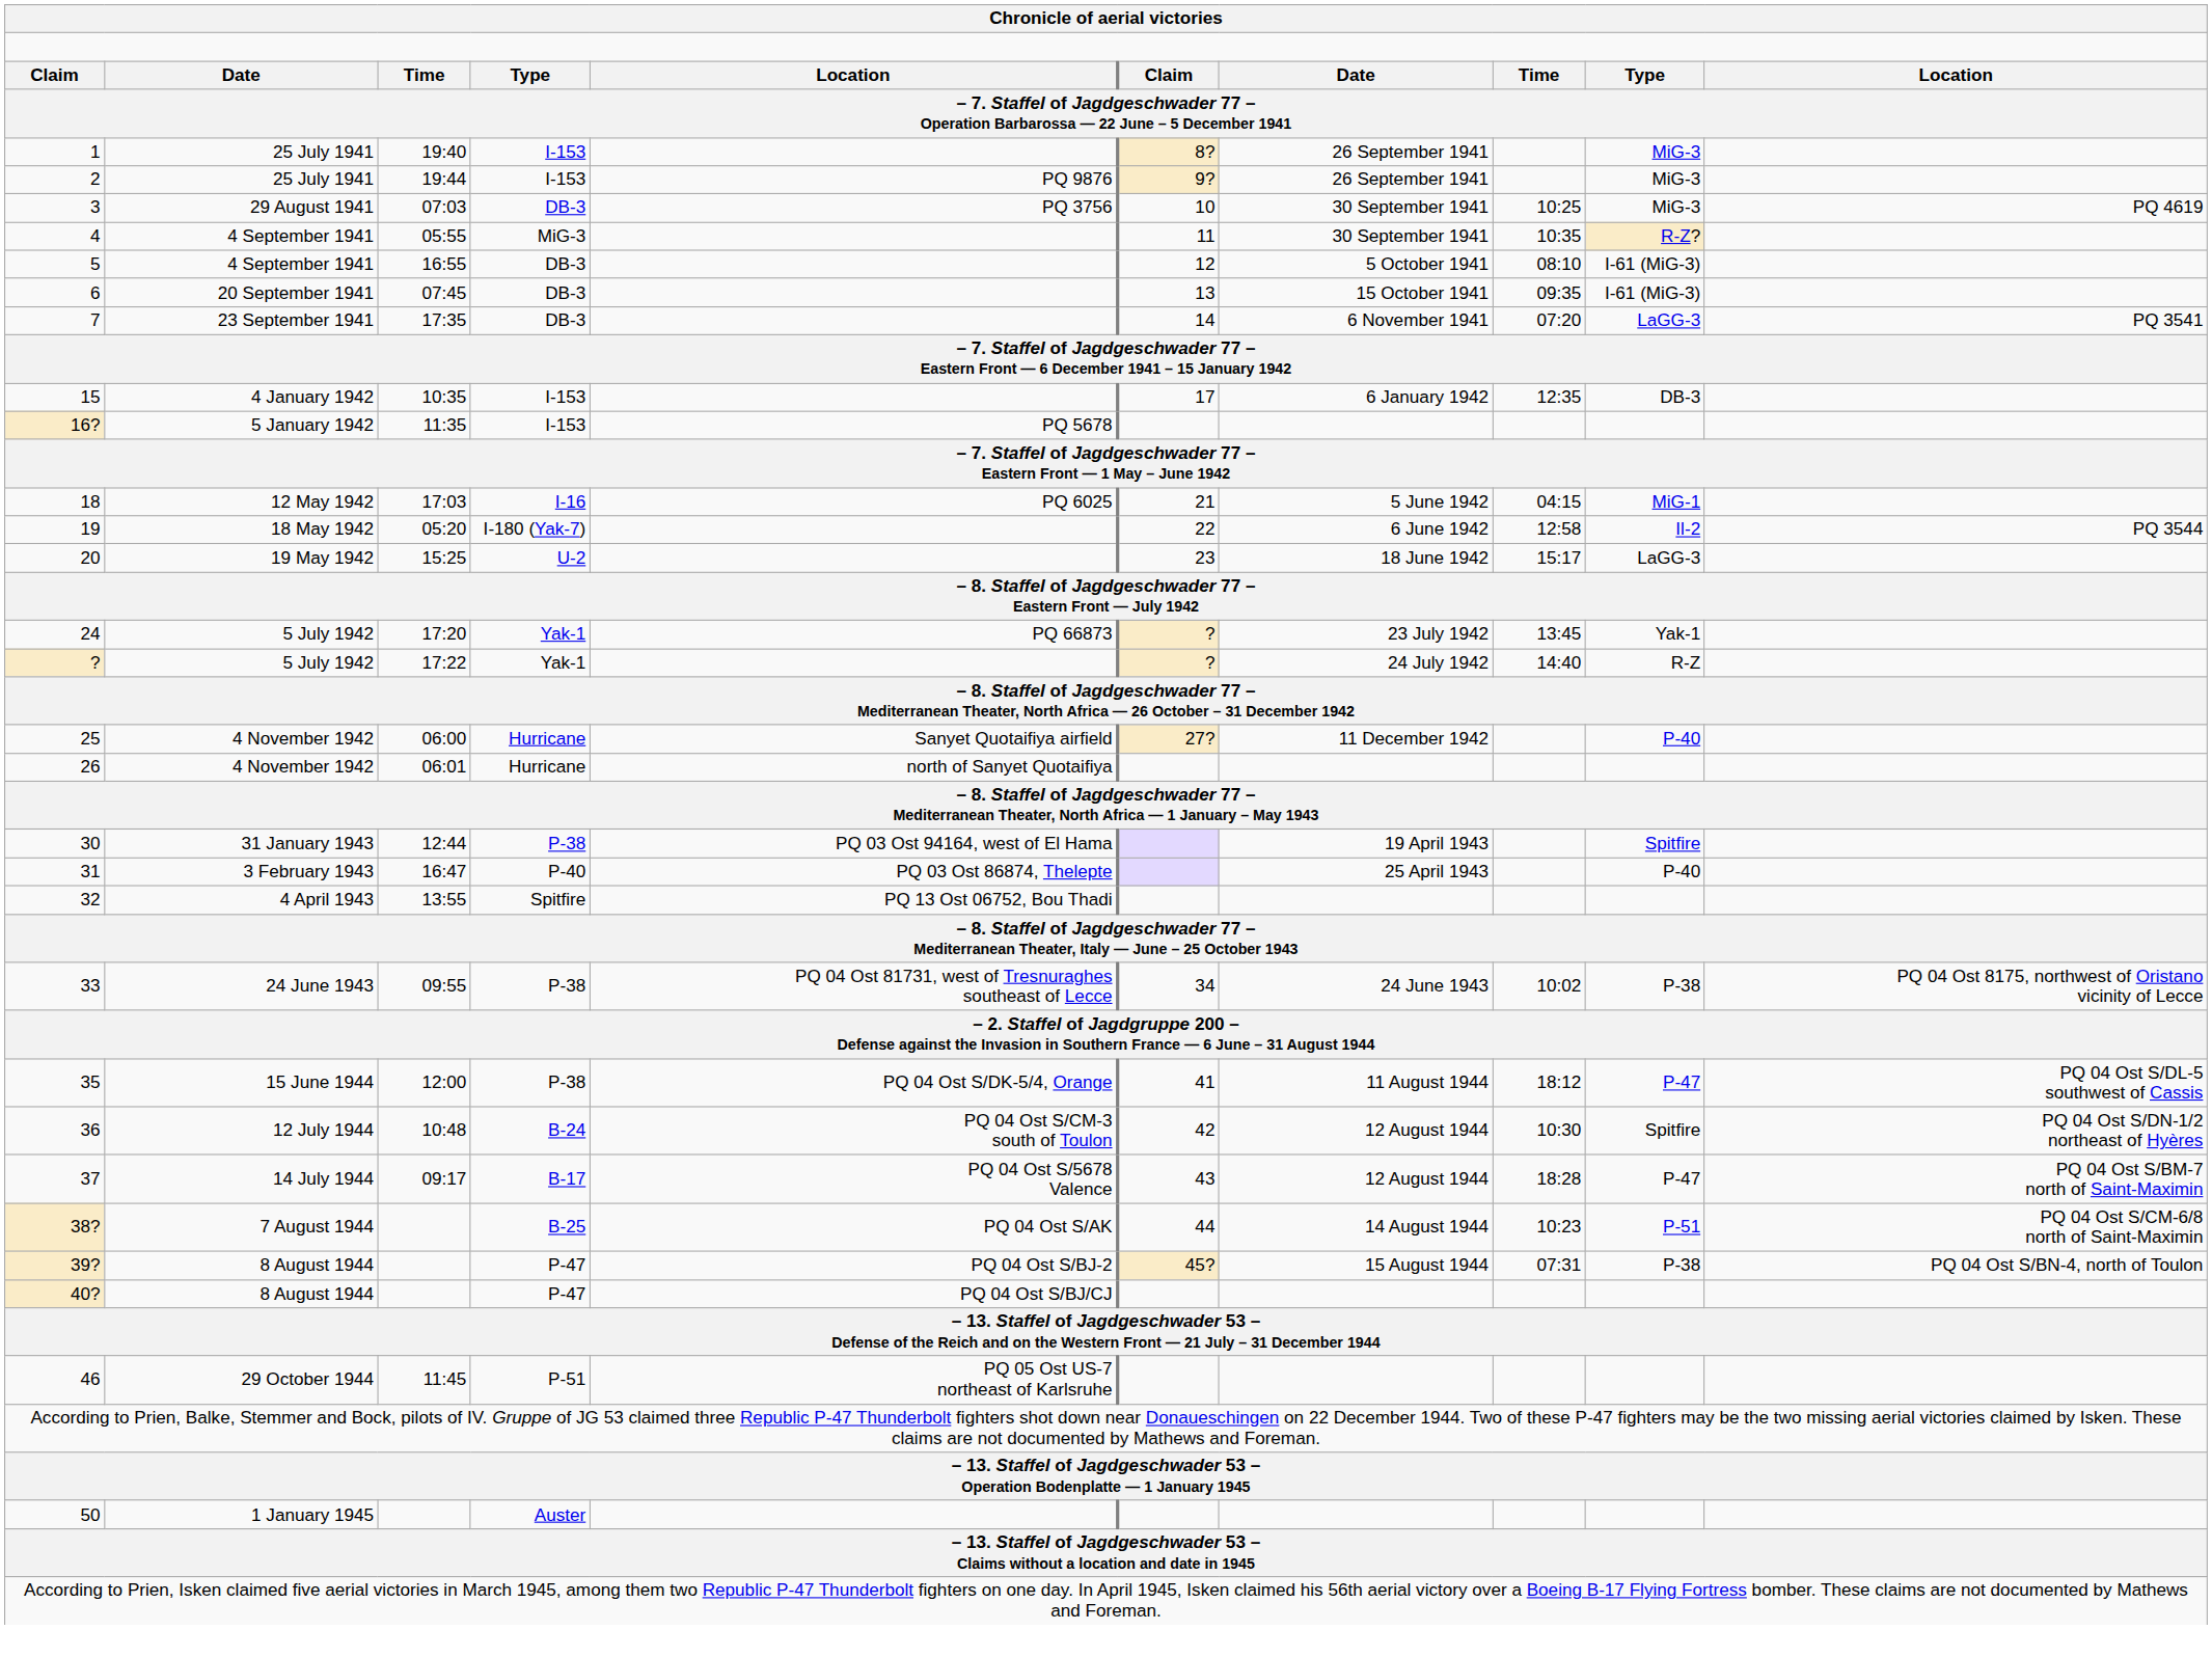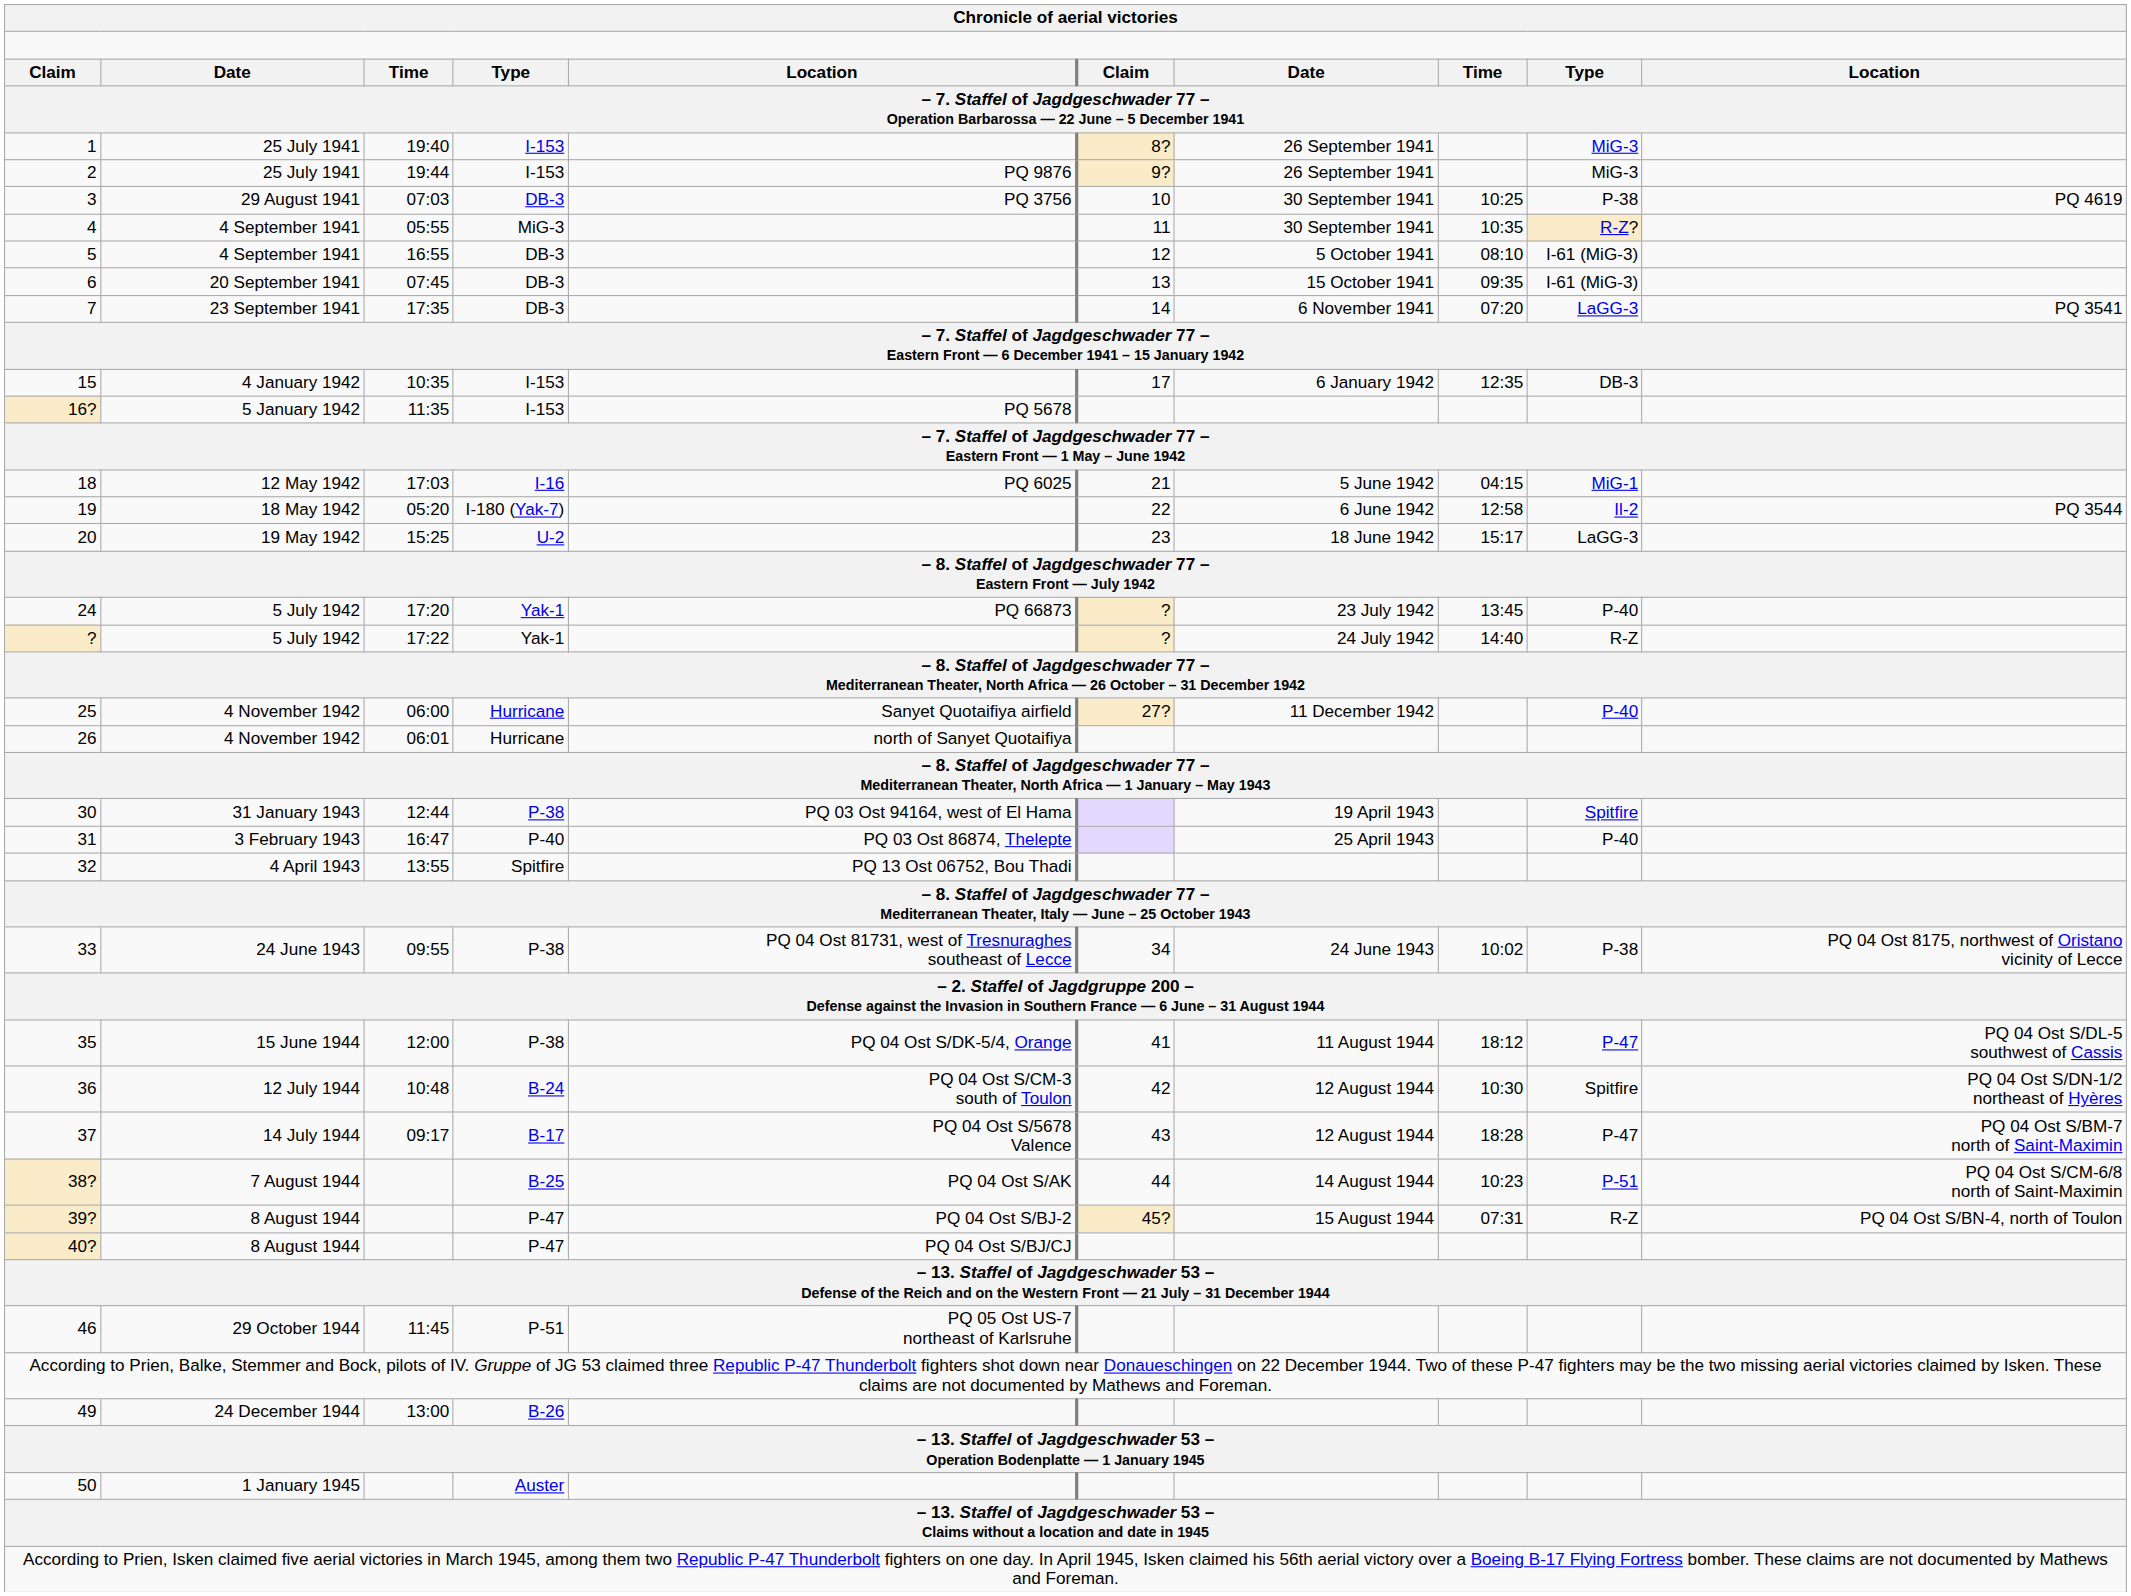 <table class="wikitable plainrowheaders collapsible" style="margin-left: auto; margin-right: auto; border: none; text-align:right; width: 100%;">
 <tr>
 <th colspan="10">Chronicle of aerial victories</th>
 </tr>
 <tr>
 <td colspan="10" style="text-align: left;"><br> </td>
 </tr>
 <tr>
 <th scope="col">Claim</th>
 <th scope="col">Date</th>
 <th scope="col">Time</th>
 <th scope="col" width="100px">Type</th>
 <th scope="col">Location</th>
 <th scope="col" style="border-left: 3px solid grey;">Claim</th>
 <th scope="col">Date</th>
 <th scope="col">Time</th>
 <th scope="col" width="100px">Type</th>
 <th scope="col">Location</th>
 </tr>
 <tr>
 <th colspan="10">– 7. <em>Staffel</em> of <em>Jagdgeschwader</em> 77 –<br><small>Operation Barbarossa — 22 June – 5 December 1941</small></th>
 </tr>
 <tr>
 <td>1</td>
 <td>25 July 1941</td>
 <td>19:40</td>
 <td><a href='#'>I-153</a></td>
 <td></td>
 <td style="border-left: 3px solid grey; background:#faecc8">8?</td>
 <td>26 September 1941</td>
 <td></td>
 <td><a href='#'>MiG-3</a></td>
 <td></td>
 </tr>
 <tr>
 <td>2</td>
 <td>25 July 1941</td>
 <td>19:44</td>
 <td>I-153</td>
 <td>PQ 9876</td>
 <td style="border-left: 3px solid grey; background:#faecc8">9?</td>
 <td>26 September 1941</td>
 <td></td>
 <td>MiG-3</td>
 <td></td>
 </tr>
 <tr>
 <td>3</td>
 <td>29 August 1941</td>
 <td>07:03</td>
 <td><a href='#'>DB-3</a></td>
 <td>PQ 3756</td>
 <td style="border-left: 3px solid grey;">10</td>
 <td>30 September 1941</td>
 <td>10:25</td>
-<td>MiG-3</td>
+<td>P-38</td>
 <td>PQ 4619</td>
 </tr>
 <tr>
 <td>4</td>
 <td>4 September 1941</td>
 <td>05:55</td>
 <td>MiG-3</td>
 <td></td>
 <td style="border-left: 3px solid grey;">11</td>
 <td>30 September 1941</td>
 <td>10:35</td>
 <td style="background:#faecc8"><a href='#'>R-Z</a>?</td>
 <td></td>
 </tr>
 <tr>
 <td>5</td>
 <td>4 September 1941</td>
 <td>16:55</td>
 <td>DB-3</td>
 <td></td>
 <td style="border-left: 3px solid grey;">12</td>
 <td>5 October 1941</td>
 <td>08:10</td>
 <td>I-61 (MiG-3)</td>
 <td></td>
 </tr>
 <tr>
 <td>6</td>
 <td>20 September 1941</td>
 <td>07:45</td>
 <td>DB-3</td>
 <td></td>
 <td style="border-left: 3px solid grey;">13</td>
 <td>15 October 1941</td>
 <td>09:35</td>
 <td>I-61 (MiG-3)</td>
 <td></td>
 </tr>
 <tr>
 <td>7</td>
 <td>23 September 1941</td>
 <td>17:35</td>
 <td>DB-3</td>
 <td></td>
 <td style="border-left: 3px solid grey;">14</td>
 <td>6 November 1941</td>
 <td>07:20</td>
 <td><a href='#'>LaGG-3</a></td>
 <td>PQ 3541</td>
 </tr>
 <tr>
 <th colspan="10">– 7. <em>Staffel</em> of <em>Jagdgeschwader</em> 77 –<br><small>Eastern Front — 6 December 1941 – 15 January 1942</small></th>
 </tr>
 <tr>
 <td>15</td>
 <td>4 January 1942</td>
 <td>10:35</td>
 <td>I-153</td>
 <td></td>
 <td style="border-left: 3px solid grey;">17</td>
 <td>6 January 1942</td>
 <td>12:35</td>
 <td>DB-3</td>
 <td></td>
 </tr>
 <tr>
 <td style="background:#faecc8">16?</td>
 <td>5 January 1942</td>
 <td>11:35</td>
 <td>I-153</td>
 <td>PQ 5678</td>
 <td style="border-left: 3px solid grey;"></td>
 <td></td>
 <td></td>
 <td></td>
 <td></td>
 </tr>
 <tr>
 <th colspan="10">– 7. <em>Staffel</em> of <em>Jagdgeschwader</em> 77 –<br><small>Eastern Front — 1 May – June 1942</small></th>
 </tr>
 <tr>
 <td>18</td>
 <td>12 May 1942</td>
 <td>17:03</td>
 <td><a href='#'>I-16</a></td>
 <td>PQ 6025</td>
 <td style="border-left: 3px solid grey;">21</td>
 <td>5 June 1942</td>
 <td>04:15</td>
 <td><a href='#'>MiG-1</a></td>
 <td></td>
 </tr>
 <tr>
 <td>19</td>
 <td>18 May 1942</td>
 <td>05:20</td>
 <td>I-180 (<a href='#'>Yak-7</a>)</td>
 <td></td>
 <td style="border-left: 3px solid grey;">22</td>
 <td>6 June 1942</td>
 <td>12:58</td>
 <td><a href='#'>Il-2</a></td>
 <td>PQ 3544</td>
 </tr>
 <tr>
 <td>20</td>
 <td>19 May 1942</td>
 <td>15:25</td>
 <td><a href='#'>U-2</a></td>
 <td></td>
 <td style="border-left: 3px solid grey;">23</td>
 <td>18 June 1942</td>
 <td>15:17</td>
 <td>LaGG-3</td>
 <td></td>
 </tr>
 <tr>
 <th colspan="10">– 8. <em>Staffel</em> of <em>Jagdgeschwader</em> 77 –<br><small>Eastern Front — July 1942</small></th>
 </tr>
 <tr>
 <td>24</td>
 <td>5 July 1942</td>
 <td>17:20</td>
 <td><a href='#'>Yak-1</a></td>
 <td>PQ 66873</td>
 <td style="border-left: 3px solid grey; background:#faecc8">?</td>
 <td>23 July 1942</td>
 <td>13:45</td>
-<td>Yak-1</td>
+<td>P-40</td>
 <td></td>
 </tr>
 <tr>
 <td style="background:#faecc8">?</td>
 <td>5 July 1942</td>
 <td>17:22</td>
 <td>Yak-1</td>
 <td></td>
 <td style="border-left: 3px solid grey; background:#faecc8">?</td>
 <td>24 July 1942</td>
 <td>14:40</td>
 <td>R-Z</td>
 <td></td>
 </tr>
 <tr>
 <th colspan="10">– 8. <em>Staffel</em> of <em>Jagdgeschwader</em> 77 –<br><small>Mediterranean Theater, North Africa — 26 October – 31 December 1942</small></th>
 </tr>
 <tr>
 <td>25</td>
 <td>4 November 1942</td>
 <td>06:00</td>
 <td><a href='#'>Hurricane</a></td>
 <td>Sanyet Quotaifiya airfield</td>
 <td style="border-left: 3px solid grey; background:#faecc8">27?</td>
 <td>11 December 1942</td>
 <td></td>
 <td><a href='#'>P-40</a></td>
 <td></td>
 </tr>
 <tr>
 <td>26</td>
 <td>4 November 1942</td>
 <td>06:01</td>
 <td>Hurricane</td>
 <td> north of Sanyet Quotaifiya</td>
 <td style="border-left: 3px solid grey;"></td>
 <td></td>
 <td></td>
 <td></td>
 <td></td>
 </tr>
 <tr>
 <th colspan="10">– 8. <em>Staffel</em> of <em>Jagdgeschwader</em> 77 –<br><small>Mediterranean Theater, North Africa — 1 January – May 1943</small></th>
 </tr>
 <tr>
 <td>30</td>
 <td>31 January 1943</td>
 <td>12:44</td>
 <td><a href='#'>P-38</a></td>
 <td>PQ 03 Ost 94164, west of El Hama</td>
 <td style="border-left: 3px solid grey; background:#e3d9ff;"></td>
 <td>19 April 1943</td>
 <td></td>
 <td><a href='#'>Spitfire</a></td>
 <td></td>
 </tr>
 <tr>
 <td>31</td>
 <td>3 February 1943</td>
 <td>16:47</td>
 <td>P-40</td>
 <td>PQ 03 Ost 86874, <a href='#'>Thelepte</a></td>
 <td style="border-left: 3px solid grey; background:#e3d9ff;"></td>
 <td>25 April 1943</td>
 <td></td>
 <td>P-40</td>
 <td></td>
 </tr>
 <tr>
 <td>32</td>
 <td>4 April 1943</td>
 <td>13:55</td>
 <td>Spitfire</td>
 <td>PQ 13 Ost 06752, Bou Thadi</td>
 <td style="border-left: 3px solid grey;"></td>
 <td></td>
 <td></td>
 <td></td>
 <td></td>
 </tr>
 <tr>
 <th colspan="10">– 8. <em>Staffel</em> of <em>Jagdgeschwader</em> 77 –<br><small>Mediterranean Theater, Italy — June – 25 October 1943</small></th>
 </tr>
 <tr>
 <td>33</td>
 <td>24 June 1943</td>
 <td>09:55</td>
 <td>P-38</td>
 <td>PQ 04 Ost 81731, west of <a href='#'>Tresnuraghes</a><br> southeast of <a href='#'>Lecce</a></td>
 <td style="border-left: 3px solid grey;">34</td>
 <td>24 June 1943</td>
 <td>10:02</td>
 <td>P-38</td>
 <td>PQ 04 Ost 8175, northwest of <a href='#'>Oristano</a><br>vicinity of Lecce</td>
 </tr>
 <tr>
 <th colspan="10">– 2. <em>Staffel</em> of <em>Jagdgruppe</em> 200 –<br><small>Defense against the Invasion in Southern France — 6 June – 31 August 1944</small></th>
 </tr>
 <tr>
 <td>35</td>
 <td>15 June 1944</td>
 <td>12:00</td>
 <td>P-38</td>
 <td>PQ 04 Ost S/DK-5/4, <a href='#'>Orange</a></td>
 <td style="border-left: 3px solid grey;">41</td>
 <td>11 August 1944</td>
 <td>18:12</td>
 <td><a href='#'>P-47</a></td>
 <td>PQ 04 Ost S/DL-5<br> southwest of <a href='#'>Cassis</a></td>
 </tr>
 <tr>
 <td>36</td>
 <td>12 July 1944</td>
 <td>10:48</td>
 <td><a href='#'>B-24</a></td>
 <td>PQ 04 Ost S/CM-3<br> south of <a href='#'>Toulon</a></td>
 <td style="border-left: 3px solid grey;">42</td>
 <td>12 August 1944</td>
 <td>10:30</td>
 <td>Spitfire</td>
 <td>PQ 04 Ost S/DN-1/2<br>northeast of <a href='#'>Hyères</a></td>
 </tr>
 <tr>
 <td>37</td>
 <td>14 July 1944</td>
 <td>09:17</td>
 <td><a href='#'>B-17</a></td>
 <td>PQ 04 Ost S/5678<br>Valence</td>
 <td style="border-left: 3px solid grey;">43</td>
 <td>12 August 1944</td>
 <td>18:28</td>
 <td>P-47</td>
 <td>PQ 04 Ost S/BM-7<br>north of <a href='#'>Saint-Maximin</a></td>
 </tr>
 <tr>
 <td style="background:#faecc8">38?</td>
 <td>7 August 1944</td>
 <td></td>
 <td><a href='#'>B-25</a></td>
 <td>PQ 04 Ost S/AK</td>
 <td style="border-left: 3px solid grey;">44</td>
 <td>14 August 1944</td>
 <td>10:23</td>
 <td><a href='#'>P-51</a></td>
 <td>PQ 04 Ost S/CM-6/8<br>north of Saint-Maximin</td>
 </tr>
 <tr>
 <td style="background:#faecc8">39?</td>
 <td>8 August 1944</td>
 <td></td>
 <td>P-47</td>
 <td>PQ 04 Ost S/BJ-2</td>
 <td style="border-left: 3px solid grey; background:#faecc8">45?</td>
 <td>15 August 1944</td>
 <td>07:31</td>
-<td>P-38</td>
+<td>R-Z</td>
 <td>PQ 04 Ost S/BN-4, north of Toulon</td>
 </tr>
 <tr>
 <td style="background:#faecc8">40?</td>
 <td>8 August 1944</td>
 <td></td>
 <td>P-47</td>
 <td>PQ 04 Ost S/BJ/CJ</td>
 <td style="border-left: 3px solid grey;"></td>
 <td></td>
 <td></td>
 <td></td>
 <td></td>
 </tr>
 <tr>
 <th colspan="10">– 13. <em>Staffel</em> of <em>Jagdgeschwader</em> 53 –<br><small>Defense of the Reich and on the Western Front — 21 July – 31 December 1944</small></th>
 </tr>
 <tr>
 <td>46</td>
 <td>29 October 1944</td>
 <td>11:45</td>
 <td>P-51</td>
 <td>PQ 05 Ost US-7<br>northeast of Karlsruhe</td>
 <td style="border-left: 3px solid grey;"></td>
 <td></td>
 <td></td>
 <td></td>
 <td></td>
 </tr>
 <tr>
 <td colspan="10" style="text-align: center">According to Prien, Balke, Stemmer and Bock, pilots of IV. <em>Gruppe</em> of JG 53 claimed three <a href='#'>Republic P-47 Thunderbolt</a> fighters shot down near <a href='#'>Donaueschingen</a>  on 22 December 1944. Two of these P-47 fighters may be the two missing aerial victories claimed by Isken. These claims are not documented by Mathews and Foreman.</td>
 </tr>
 <tr>
+<td>49</td>
+<td>24 December 1944</td>
+<td>13:00</td>
+<td><a href='#'>B-26</a></td>
+<td></td>
+<td style="border-left: 3px solid grey;"></td>
+<td></td>
+<td></td>
+<td></td>
+<td></td>
+</tr>
+<tr>
 <th colspan="10">– 13. <em>Staffel</em> of <em>Jagdgeschwader</em> 53 –<br><small>Operation Bodenplatte — 1 January 1945</small></th>
 </tr>
 <tr>
 <td>50</td>
 <td>1 January 1945</td>
 <td></td>
 <td><a href='#'>Auster</a></td>
 <td></td>
 <td style="border-left: 3px solid grey;"></td>
 <td></td>
 <td></td>
 <td></td>
 <td></td>
 </tr>
 <tr>
 <th colspan="10">– 13. <em>Staffel</em> of <em>Jagdgeschwader</em> 53 –<br><small>Claims without a location and date in 1945</small></th>
 </tr>
 <tr>
 <td colspan="10" style="text-align: center">According to Prien, Isken claimed five aerial victories in March 1945, among them two <a href='#'>Republic P-47 Thunderbolt</a> fighters on one day. In April 1945, Isken claimed his 56th aerial victory over a <a href='#'>Boeing B-17 Flying Fortress</a> bomber. These claims are not documented by Mathews and Foreman.</td>
 </tr>
 <tr>
 </tr>
 </table>
